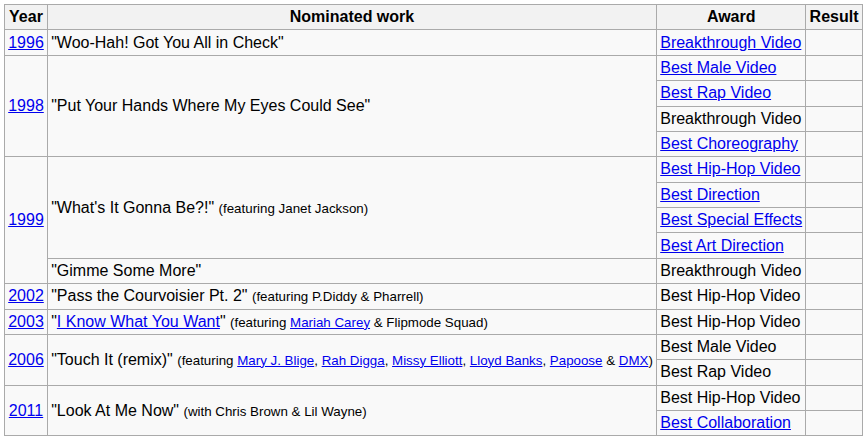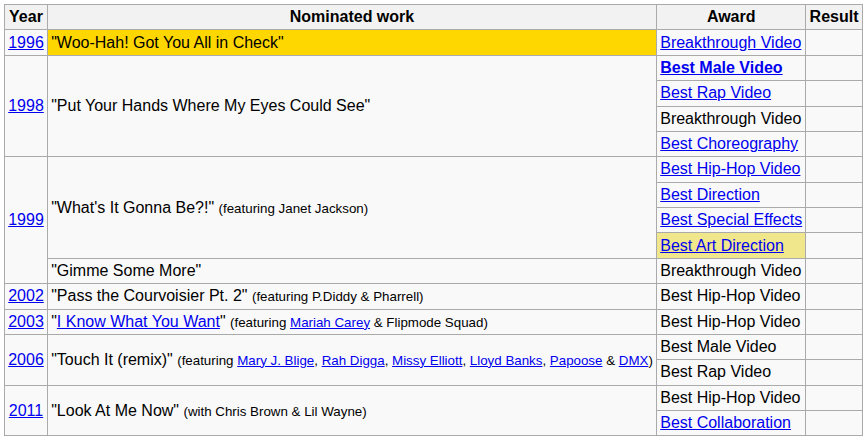 <table class="wikitable">
 <tr>
 <th>Year</th>
 <th>Nominated work</th>
 <th>Award</th>
 <th>Result</th>
 </tr>
 <tr>
 <td align=center><a href='#'>1996</a></td>
-<td>"Woo-Hah! Got You All in Check"</td>
+<td style="background: gold;">"Woo-Hah! Got You All in Check"</td>
 <td><a href='#'>Breakthrough Video</a></td>
 <td></td>
 </tr>
 <tr>
 <td style="text-align:center;" rowspan="4"><a href='#'>1998</a></td>
 <td rowspan="4">"Put Your Hands Where My Eyes Could See"</td>
-<td><a href='#'>Best Male Video</a></td>
+<td><strong><a href='#'>Best Male Video</a></strong></td>
 <td></td>
 </tr>
 <tr>
 <td><a href='#'>Best Rap Video</a></td>
 <td></td>
 </tr>
 <tr>
 <td>Breakthrough Video</td>
 <td></td>
 </tr>
 <tr>
 <td><a href='#'>Best Choreography</a></td>
 <td></td>
 </tr>
 <tr>
 <td style="text-align:center;" rowspan="5"><a href='#'>1999</a></td>
 <td rowspan="4">"What's It Gonna Be?!" <small>(featuring Janet Jackson)</small></td>
 <td><a href='#'>Best Hip-Hop Video</a></td>
 <td></td>
 </tr>
 <tr>
 <td><a href='#'>Best Direction</a></td>
 <td></td>
 </tr>
 <tr>
 <td><a href='#'>Best Special Effects</a></td>
 <td></td>
 </tr>
 <tr>
-<td><a href='#'>Best Art Direction</a></td>
+<td style="background: khaki;"><a href='#'>Best Art Direction</a></td>
 <td></td>
 </tr>
 <tr>
 <td>"Gimme Some More"</td>
 <td>Breakthrough Video</td>
 <td></td>
 </tr>
 <tr>
 <td align=center><a href='#'>2002</a></td>
 <td>"Pass the Courvoisier Pt. 2" <small>(featuring P.Diddy & Pharrell)</small></td>
 <td>Best Hip-Hop Video</td>
 <td></td>
 </tr>
 <tr>
 <td align=center><a href='#'>2003</a></td>
 <td>"<a href='#'>I Know What You Want</a>" <small>(featuring <a href='#'>Mariah Carey</a> & Flipmode Squad)</small></td>
 <td>Best Hip-Hop Video</td>
 <td></td>
 </tr>
 <tr>
 <td style="text-align:center;" rowspan="2"><a href='#'>2006</a></td>
 <td rowspan="2">"Touch It (remix)" <small>(featuring <a href='#'>Mary J. Blige</a>, <a href='#'>Rah Digga</a>, <a href='#'>Missy Elliott</a>, <a href='#'>Lloyd Banks</a>, <a href='#'>Papoose</a> & <a href='#'>DMX</a>)</small></td>
 <td>Best Male Video</td>
 <td></td>
 </tr>
 <tr>
 <td>Best Rap Video</td>
 <td></td>
 </tr>
 <tr>
 <td style="text-align:center;" rowspan="2"><a href='#'>2011</a></td>
 <td rowspan="2">"Look At Me Now" <small>(with Chris Brown & Lil Wayne)</small></td>
 <td>Best Hip-Hop Video</td>
 <td></td>
 </tr>
 <tr>
 <td><a href='#'>Best Collaboration</a></td>
 <td></td>
 </tr>
 </table>
